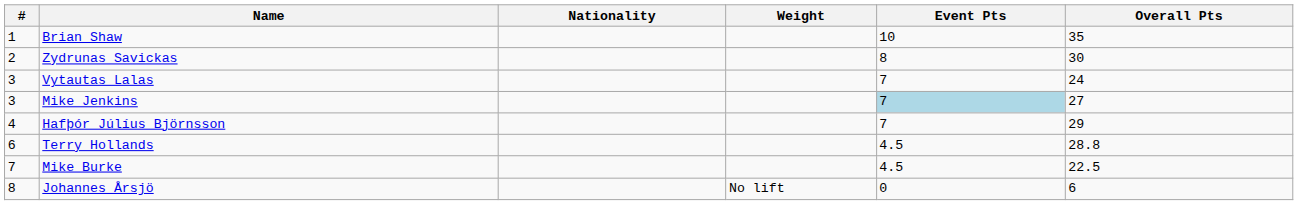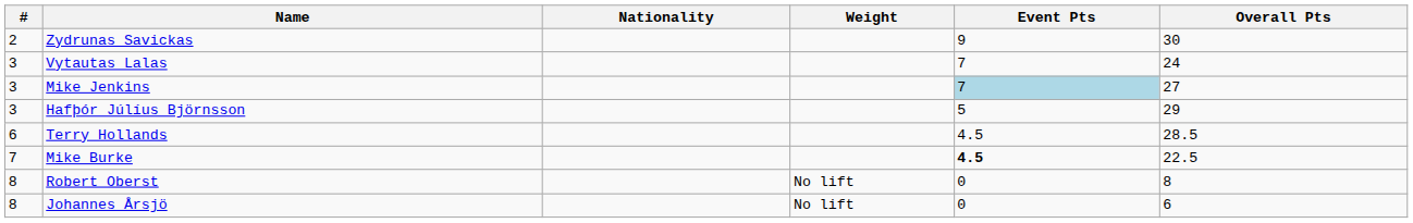 <table class="wikitable sortable" style="display: inline-table; width: 100%;">
 <tr>
 <th>#</th>
 <th>Name</th>
 <th>Nationality</th>
 <th>Weight</th>
 <th>Event Pts</th>
 <th>Overall Pts</th>
 </tr>
 <tr>
-<td>1</td>
-<td><a href='#'>Brian Shaw</a></td>
-<td></td>
-<td></td>
-<td>10</td>
-<td>35</td>
-</tr>
-<tr>
 <td>2</td>
 <td><a href='#'>Zydrunas Savickas</a></td>
 <td></td>
 <td></td>
-<td>8</td>
+<td>9</td>
 <td>30</td>
 </tr>
 <tr>
 <td>3</td>
 <td><a href='#'>Vytautas Lalas</a></td>
 <td></td>
 <td></td>
 <td>7</td>
 <td>24</td>
 </tr>
 <tr>
 <td>3</td>
 <td><a href='#'>Mike Jenkins</a></td>
 <td></td>
 <td></td>
 <td style="background: lightblue;">7</td>
 <td>27</td>
 </tr>
 <tr>
-<td>4</td>
+<td>3</td>
 <td><a href='#'>Hafþór Júlíus Björnsson</a></td>
 <td></td>
 <td></td>
-<td>7</td>
+<td>5</td>
 <td>29</td>
 </tr>
 <tr>
 <td>6</td>
 <td><a href='#'>Terry Hollands</a></td>
 <td></td>
 <td></td>
 <td>4.5</td>
-<td>28.8</td>
+<td>28.5</td>
 </tr>
 <tr>
 <td>7</td>
 <td><a href='#'>Mike Burke</a></td>
 <td></td>
 <td></td>
-<td>4.5</td>
+<td><strong>4.5</strong></td>
 <td>22.5</td>
+</tr>
+<tr>
+<td>8</td>
+<td><a href='#'>Robert Oberst</a></td>
+<td></td>
+<td>No lift</td>
+<td>0</td>
+<td>8</td>
 </tr>
 <tr>
 <td>8</td>
 <td><a href='#'>Johannes Årsjö</a></td>
 <td></td>
 <td>No lift</td>
 <td>0</td>
 <td>6</td>
 </tr>
 </table>
